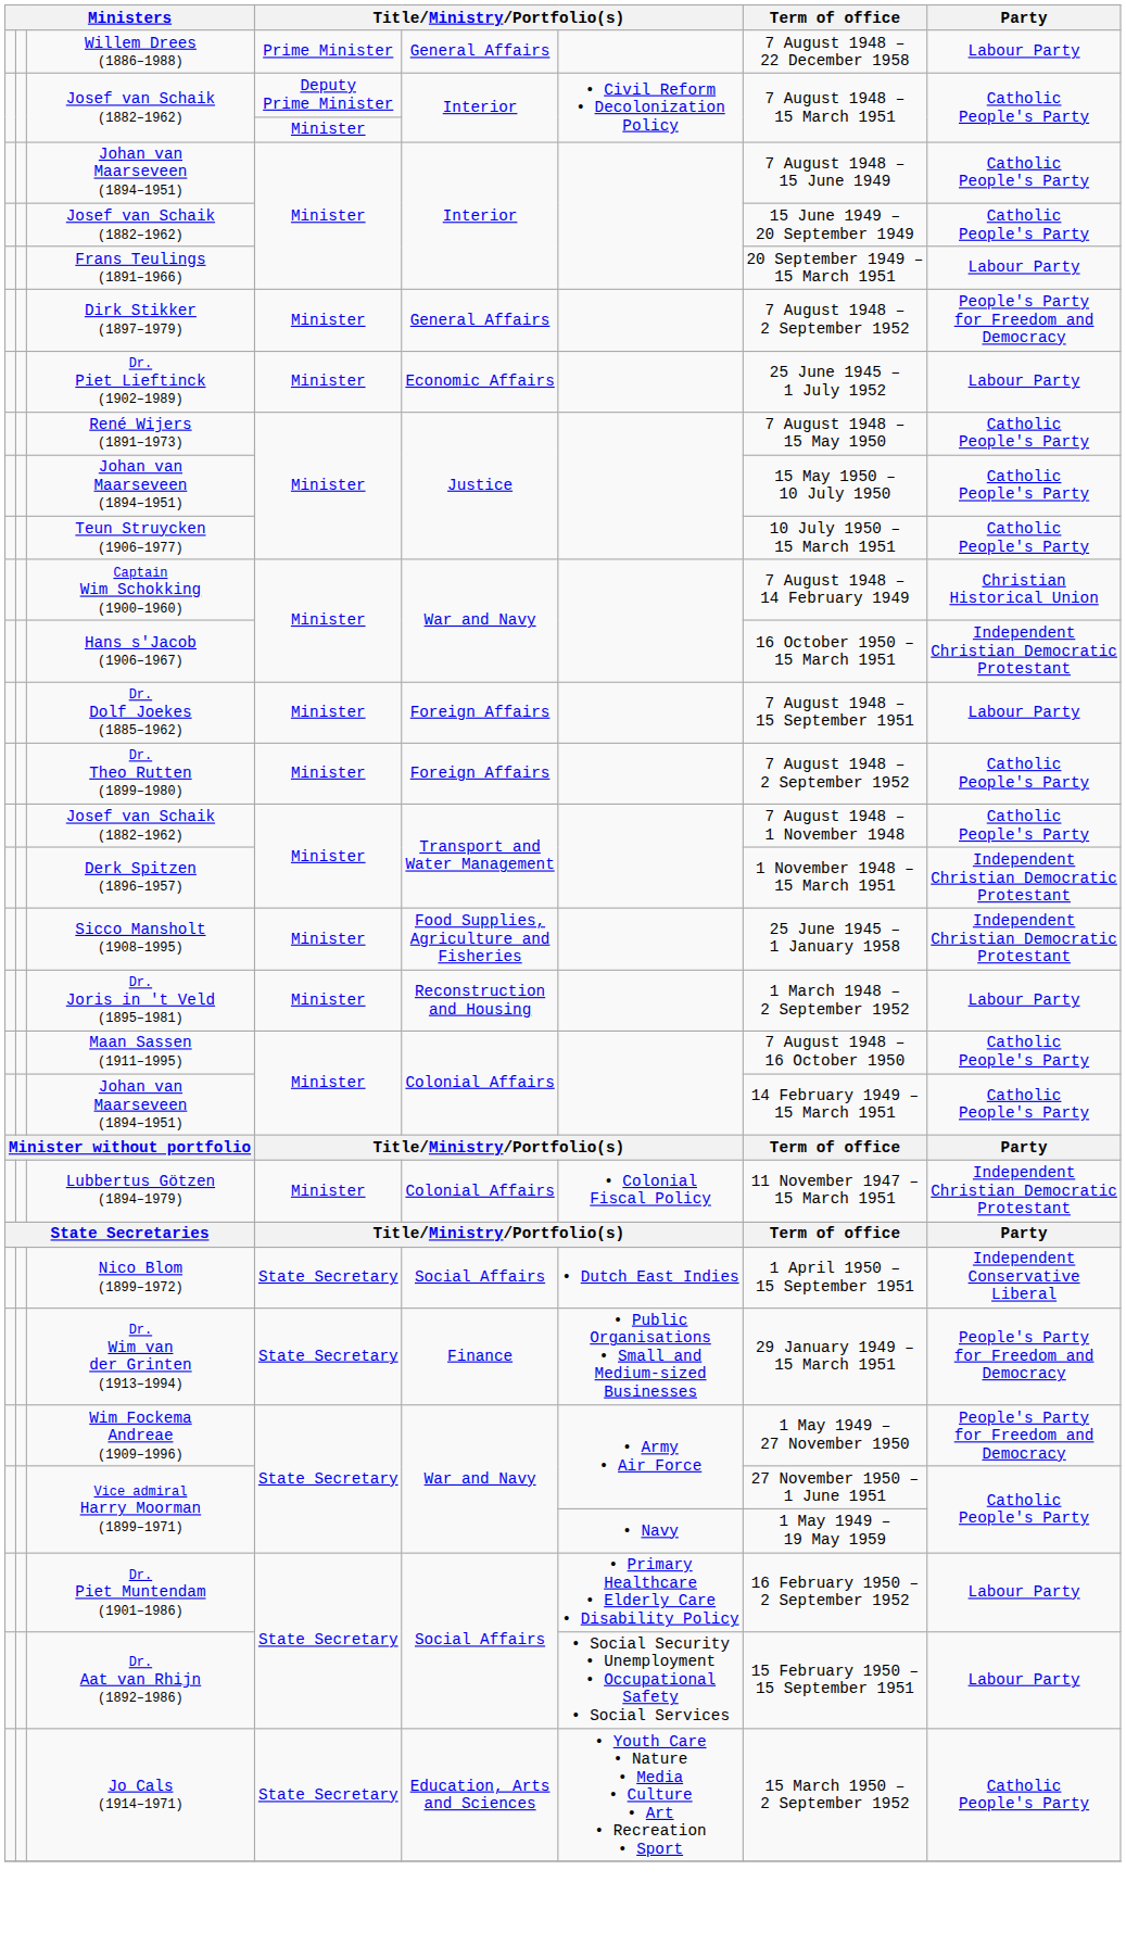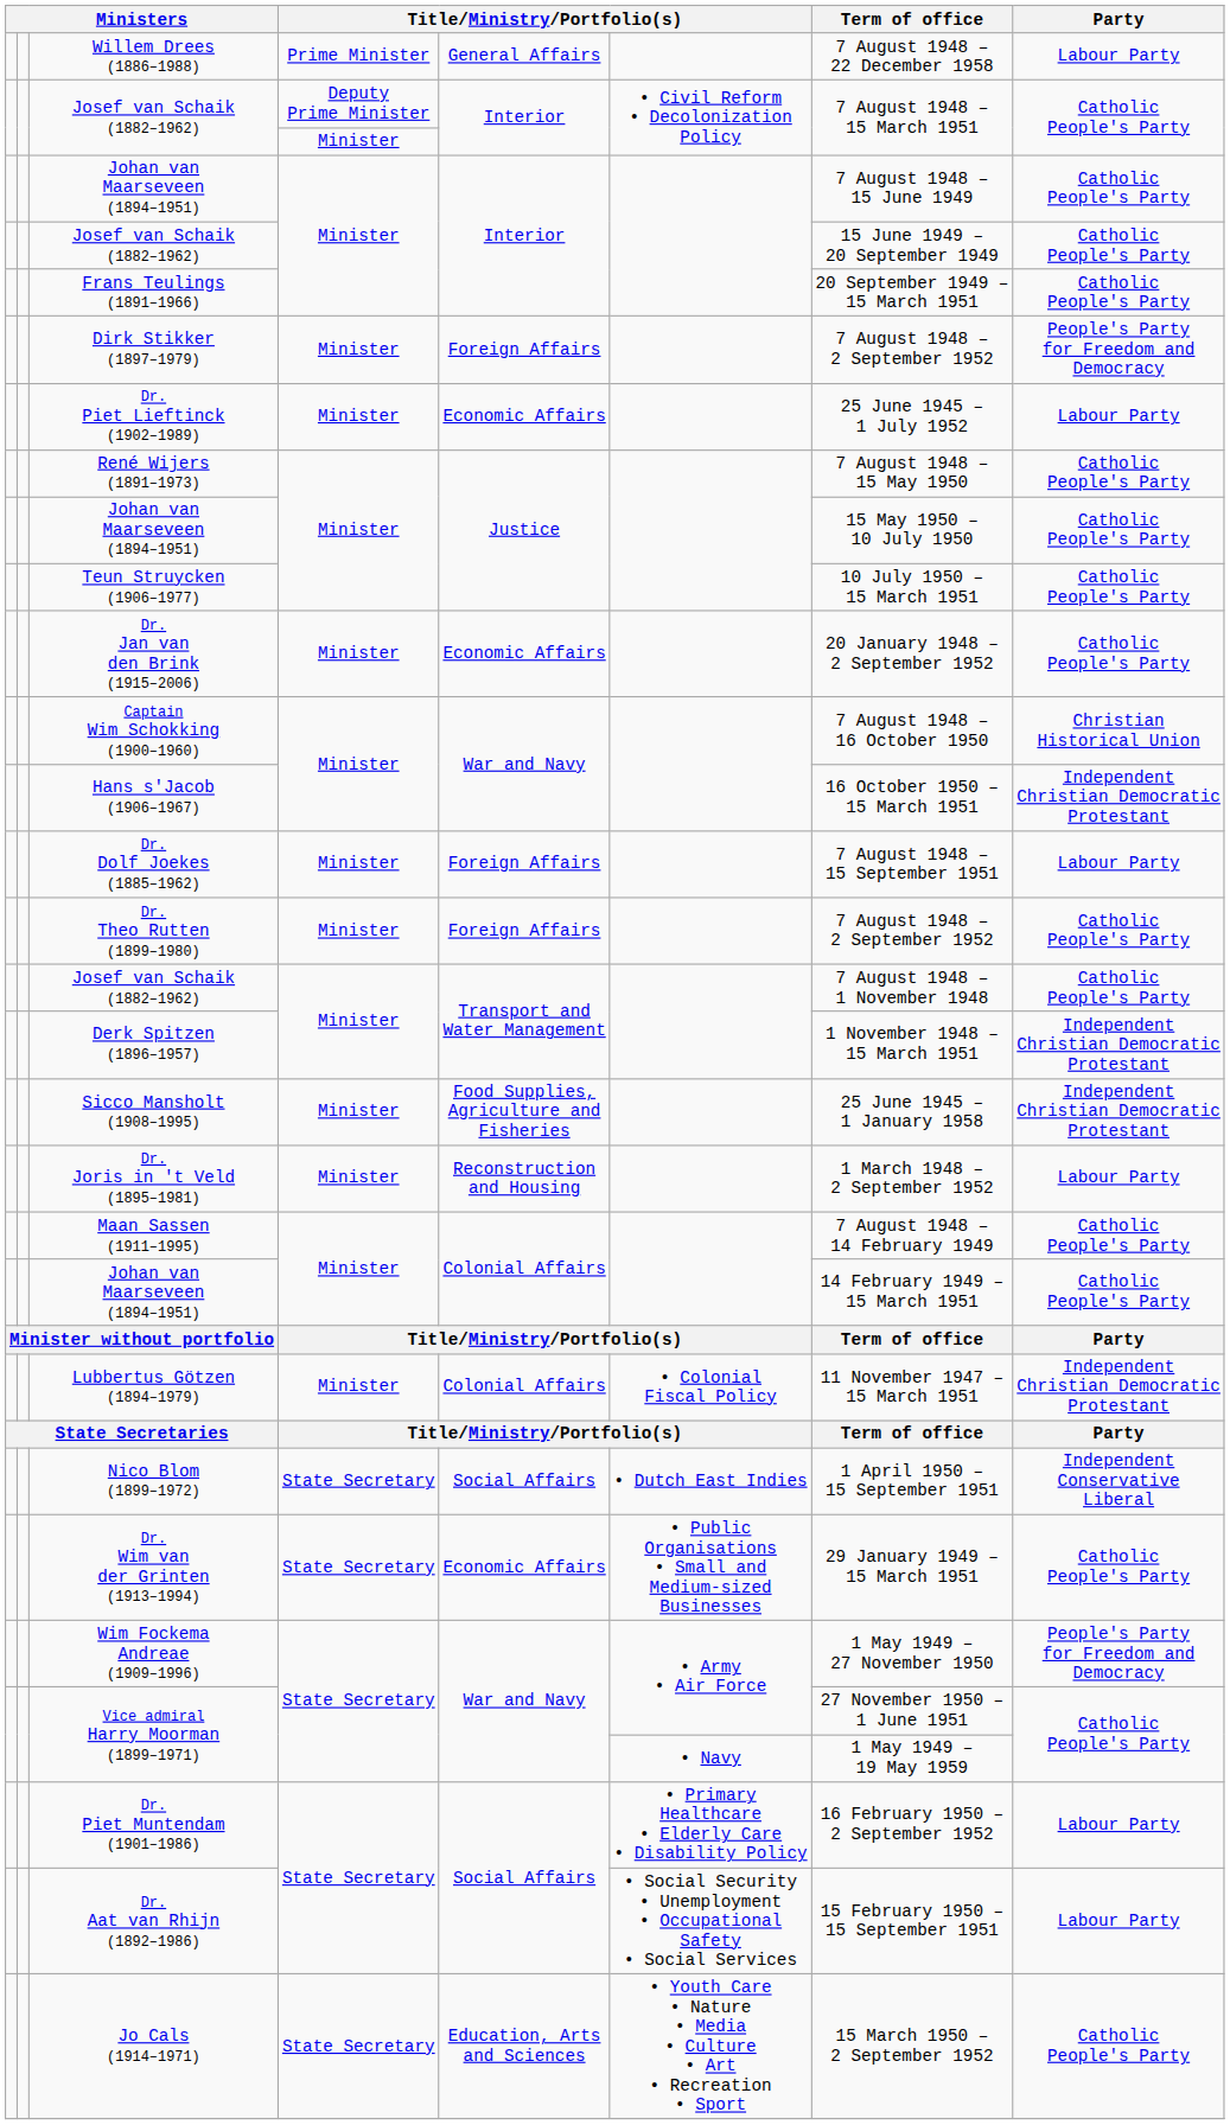 <table class="wikitable" style="text-align:center">
 <tr>
 <th colspan=3><a href='#'>Ministers</a></th>
 <th colspan=3>Title/<a href='#'>Ministry</a>/Portfolio(s)</th>
 <th>Term of office</th>
 <th>Party</th>
 </tr>
 <tr>
 <td style="background:"></td>
 <td></td>
 <td><a href='#'>Willem Drees</a> <br> <small>(1886–1988)</small></td>
 <td><a href='#'>Prime Minister</a></td>
 <td><a href='#'>General Affairs</a></td>
 <td></td>
 <td>7 August 1948 – <br> 22 December 1958 <br> </td>
 <td><a href='#'>Labour Party</a></td>
 </tr>
 <tr>
 <td rowspan=2 style="background:"></td>
 <td rowspan=2></td>
 <td rowspan=2><a href='#'>Josef van Schaik</a> <br> <small>(1882–1962)</small></td>
 <td><a href='#'>Deputy <br> Prime Minister</a></td>
 <td rowspan=2><a href='#'>Interior</a></td>
 <td rowspan=2>• <a href='#'>Civil Reform</a> <br> • <a href='#'>Decolonization <br> Policy</a></td>
 <td rowspan=2>7 August 1948 – <br> 15 March 1951</td>
 <td rowspan=2><a href='#'>Catholic <br> People's Party</a></td>
 </tr>
 <tr>
 <td><a href='#'>Minister</a></td>
 </tr>
 <tr>
 <td style="background:"></td>
 <td></td>
 <td><a href='#'>Johan van <br> Maarseveen</a> <br> <small>(1894–1951)</small></td>
 <td rowspan=3><a href='#'>Minister</a></td>
 <td rowspan=3><a href='#'>Interior</a></td>
 <td rowspan=3></td>
 <td>7 August 1948 – <br> 15 June 1949 <br> </td>
 <td><a href='#'>Catholic <br> People's Party</a></td>
 </tr>
 <tr>
 <td style="background:"></td>
 <td></td>
 <td><a href='#'>Josef van Schaik</a> <br> <small>(1882–1962)</small></td>
 <td>15 June 1949 – <br> 20 September 1949 <br> </td>
 <td><a href='#'>Catholic <br> People's Party</a></td>
 </tr>
 <tr>
 <td style="background:"></td>
 <td></td>
 <td><a href='#'>Frans Teulings</a> <br> <small>(1891–1966)</small></td>
 <td>20 September 1949 – <br> 15 March 1951</td>
-<td><a href='#'>Labour Party</a></td>
+<td><a href='#'>Catholic <br> People's Party</a></td>
 </tr>
 <tr>
 <td style="background:"></td>
 <td></td>
 <td><a href='#'>Dirk Stikker</a> <br> <small>(1897–1979)</small></td>
 <td><a href='#'>Minister</a></td>
-<td><a href='#'>General Affairs</a></td>
+<td><a href='#'>Foreign Affairs</a></td>
 <td></td>
 <td>7 August 1948 – <br> 2 September 1952 <br> </td>
 <td><a href='#'>People's Party <br> for Freedom and <br> Democracy</a></td>
 </tr>
 <tr>
 <td style="background:"></td>
 <td></td>
 <td><small><a href='#'>Dr.</a></small> <br> <a href='#'>Piet Lieftinck</a> <br> <small>(1902–1989)</small></td>
 <td><a href='#'>Minister</a></td>
 <td><a href='#'>Economic Affairs</a></td>
 <td></td>
 <td>25 June 1945 – <br> 1 July 1952 <br>  </td>
 <td><a href='#'>Labour Party</a></td>
 </tr>
 <tr>
 <td style="background:"></td>
 <td></td>
 <td><a href='#'>René Wijers</a> <br> <small>(1891–1973)</small></td>
 <td rowspan=3><a href='#'>Minister</a></td>
 <td rowspan=3><a href='#'>Justice</a></td>
 <td rowspan=3></td>
 <td>7 August 1948 – <br> 15 May 1950 <br> </td>
 <td><a href='#'>Catholic <br> People's Party</a></td>
 </tr>
 <tr>
 <td style="background:"></td>
 <td></td>
 <td><a href='#'>Johan van <br> Maarseveen</a> <br> <small>(1894–1951)</small></td>
 <td>15 May 1950 – <br> 10 July 1950 <br> </td>
 <td><a href='#'>Catholic <br> People's Party</a></td>
 </tr>
 <tr>
 <td style="background:"></td>
 <td></td>
 <td><a href='#'>Teun Struycken</a> <br> <small>(1906–1977)</small></td>
 <td>10 July 1950 – <br> 15 March 1951</td>
 <td><a href='#'>Catholic <br> People's Party</a></td>
 </tr>
 <tr>
 <td style="background:"></td>
 <td></td>
+<td><small><a href='#'>Dr.</a></small> <br> <a href='#'>Jan van <br> den Brink</a> <br> <small>(1915–2006)</small></td>
+<td><a href='#'>Minister</a></td>
+<td><a href='#'>Economic Affairs</a></td>
+<td></td>
+<td>20 January 1948 – <br> 2 September 1952 <br>  </td>
+<td><a href='#'>Catholic <br> People's Party</a></td>
+</tr>
+<tr>
+<td style="background:"></td>
+<td></td>
 <td><small><a href='#'>Captain</a></small> <br> <a href='#'>Wim Schokking</a> <br> <small>(1900–1960)</small></td>
 <td rowspan=2><a href='#'>Minister</a></td>
 <td rowspan=2><a href='#'>War and Navy</a></td>
 <td rowspan=2></td>
-<td>7 August 1948 – <br> 14 February 1949 <br> </td>
+<td>7 August 1948 – <br> 16 October 1950 <br> </td>
 <td><a href='#'>Christian <br> Historical Union</a></td>
 </tr>
 <tr>
 <td style="background:"></td>
 <td></td>
 <td><a href='#'>Hans s'Jacob</a> <br> <small>(1906–1967)</small></td>
 <td>16 October 1950 – <br> 15 March 1951</td>
 <td><a href='#'>Independent</a> <br> <a href='#'>Christian Democratic <br> Protestant</a></td>
 </tr>
 <tr>
 <td style="background:"></td>
 <td></td>
 <td><small><a href='#'>Dr.</a></small> <br> <a href='#'>Dolf Joekes</a> <br> <small>(1885–1962)</small></td>
 <td><a href='#'>Minister</a></td>
 <td><a href='#'>Foreign Affairs</a></td>
 <td></td>
 <td>7 August 1948 – <br> 15 September 1951 <br> </td>
 <td><a href='#'>Labour Party</a></td>
 </tr>
 <tr>
 <td style="background:"></td>
 <td></td>
 <td><small><a href='#'>Dr.</a></small> <br> <a href='#'>Theo Rutten</a> <br> <small>(1899–1980)</small></td>
 <td><a href='#'>Minister</a></td>
 <td><a href='#'>Foreign Affairs</a></td>
 <td></td>
 <td>7 August 1948 – <br> 2 September 1952 <br> </td>
 <td><a href='#'>Catholic <br> People's Party</a></td>
 </tr>
 <tr>
 <td style="background:"></td>
 <td></td>
 <td><a href='#'>Josef van Schaik</a> <br> <small>(1882–1962)</small></td>
 <td rowspan=2><a href='#'>Minister</a></td>
 <td rowspan=2><a href='#'>Transport and <br> Water Management</a></td>
 <td rowspan=2></td>
 <td>7 August 1948 – <br> 1 November 1948 <br> </td>
 <td><a href='#'>Catholic <br> People's Party</a></td>
 </tr>
 <tr>
 <td style="background:"></td>
 <td></td>
 <td><a href='#'>Derk Spitzen</a> <br> <small>(1896–1957)</small></td>
 <td>1 November 1948 – <br> 15 March 1951</td>
 <td><a href='#'>Independent</a> <br> <a href='#'>Christian Democratic <br> Protestant</a></td>
 </tr>
 <tr>
 <td style="background:"></td>
 <td></td>
 <td><a href='#'>Sicco Mansholt</a> <br> <small>(1908–1995)</small></td>
 <td><a href='#'>Minister</a></td>
 <td><a href='#'>Food Supplies, <br> Agriculture and <br> Fisheries</a></td>
 <td></td>
 <td>25 June 1945 – <br> 1 January 1958 <br>  </td>
 <td><a href='#'>Independent</a> <br> <a href='#'>Christian Democratic <br> Protestant</a></td>
 </tr>
 <tr>
 <td style="background:"></td>
 <td></td>
 <td><small><a href='#'>Dr.</a></small> <br> <a href='#'>Joris in 't Veld</a> <br> <small>(1895–1981)</small></td>
 <td><a href='#'>Minister</a></td>
 <td><a href='#'>Reconstruction <br> and Housing</a></td>
 <td></td>
 <td>1 March 1948 – <br> 2 September 1952 <br>  </td>
 <td><a href='#'>Labour Party</a></td>
 </tr>
 <tr>
 <td style="background:"></td>
 <td></td>
 <td><a href='#'>Maan Sassen</a> <br> <small>(1911–1995)</small></td>
 <td rowspan=2><a href='#'>Minister</a></td>
 <td rowspan=2><a href='#'>Colonial Affairs</a></td>
 <td rowspan=2></td>
-<td>7 August 1948 – <br> 16 October 1950 <br> </td>
+<td>7 August 1948 – <br> 14 February 1949 <br> </td>
 <td><a href='#'>Catholic <br> People's Party</a></td>
 </tr>
 <tr>
 <td style="background:"></td>
 <td></td>
 <td><a href='#'>Johan van <br> Maarseveen</a> <br> <small>(1894–1951)</small></td>
 <td>14 February 1949 – <br> 15 March 1951</td>
 <td><a href='#'>Catholic <br> People's Party</a></td>
 </tr>
 <tr>
 <th colspan=3><a href='#'>Minister without portfolio</a></th>
 <th colspan=3>Title/<a href='#'>Ministry</a>/Portfolio(s)</th>
 <th>Term of office</th>
 <th>Party</th>
 </tr>
 <tr>
 <td style="background:"></td>
 <td></td>
 <td><a href='#'>Lubbertus Götzen</a> <br> <small>(1894–1979)</small></td>
 <td><a href='#'>Minister</a></td>
 <td><a href='#'>Colonial Affairs</a></td>
 <td>• <a href='#'>Colonial <br> Fiscal Policy</a></td>
 <td>11 November 1947 – <br> 15 March 1951 <br> </td>
 <td><a href='#'>Independent</a> <br> <a href='#'>Christian Democratic <br> Protestant</a></td>
 </tr>
 <tr>
 <th colspan=3><a href='#'>State Secretaries</a></th>
 <th colspan=3>Title/<a href='#'>Ministry</a>/Portfolio(s)</th>
 <th>Term of office</th>
 <th>Party</th>
 </tr>
 <tr>
 <td style="background:"></td>
 <td></td>
 <td><a href='#'>Nico Blom</a> <br> <small>(1899–1972)</small></td>
 <td><a href='#'>State Secretary</a></td>
 <td><a href='#'>Social Affairs</a></td>
 <td>• <a href='#'>Dutch East Indies</a></td>
 <td>1 April 1950 – <br> 15 September 1951 <br> </td>
 <td><a href='#'>Independent</a> <br> <a href='#'>Conservative <br> Liberal</a></td>
 </tr>
 <tr>
 <td style="background:"></td>
 <td></td>
 <td><small><a href='#'>Dr.</a></small> <br> <a href='#'>Wim van <br> der Grinten</a> <br> <small>(1913–1994)</small></td>
 <td><a href='#'>State Secretary</a></td>
-<td><a href='#'>Finance</a></td>
+<td><a href='#'>Economic Affairs</a></td>
 <td>• <a href='#'>Public <br> Organisations</a> <br> • <a href='#'>Small and <br> Medium-sized <br> Businesses</a></td>
 <td>29 January 1949 – <br> 15 March 1951</td>
-<td><a href='#'>People's Party <br> for Freedom and <br> Democracy</a></td>
+<td><a href='#'>Catholic <br> People's Party</a></td>
 </tr>
 <tr>
 <td style="background:"></td>
 <td></td>
 <td><a href='#'>Wim Fockema <br> Andreae</a> <br> <small>(1909–1996)</small></td>
 <td rowspan=3><a href='#'>State Secretary</a></td>
 <td rowspan=3><a href='#'>War and Navy</a></td>
 <td rowspan=2>• <a href='#'>Army</a> <br> • <a href='#'>Air Force</a></td>
 <td>1 May 1949 – <br> 27 November 1950 <br> </td>
 <td><a href='#'>People's Party <br> for Freedom and <br> Democracy</a></td>
 </tr>
 <tr>
 <td rowspan=2 style="background:"></td>
 <td rowspan=2></td>
 <td rowspan=2><small><a href='#'>Vice admiral</a></small> <br> <a href='#'>Harry Moorman</a> <br> <small>(1899–1971)</small></td>
 <td>27 November 1950 – <br> 1 June 1951 <br> </td>
 <td rowspan=2><a href='#'>Catholic <br> People's Party</a></td>
 </tr>
 <tr>
 <td>• <a href='#'>Navy</a></td>
 <td>1 May 1949 – <br> 19 May 1959 <br> </td>
 </tr>
 <tr>
 <td style="background:"></td>
 <td></td>
 <td><small><a href='#'>Dr.</a></small> <br> <a href='#'>Piet Muntendam</a> <br> <small>(1901–1986)</small></td>
 <td rowspan=2><a href='#'>State Secretary</a></td>
 <td rowspan=2><a href='#'>Social Affairs</a></td>
 <td>• <a href='#'>Primary <br> Healthcare</a> <br> • <a href='#'>Elderly Care</a> <br> • <a href='#'>Disability Policy</a></td>
 <td>16 February 1950 – <br> 2 September 1952 <br> </td>
 <td><a href='#'>Labour Party</a></td>
 </tr>
 <tr>
 <td style="background:"></td>
 <td></td>
 <td><small><a href='#'>Dr.</a></small> <br> <a href='#'>Aat van Rhijn</a> <br> <small>(1892–1986)</small></td>
 <td>• Social Security <br> • Unemployment <br> • <a href='#'>Occupational <br> Safety</a> <br> • Social Services</td>
 <td>15 February 1950 – <br> 15 September 1951 <br> </td>
 <td><a href='#'>Labour Party</a></td>
 </tr>
 <tr>
 <td style="background:"></td>
 <td></td>
 <td><a href='#'>Jo Cals</a> <br> <small>(1914–1971)</small></td>
 <td><a href='#'>State Secretary</a></td>
 <td><a href='#'>Education, Arts <br> and Sciences</a></td>
 <td>• <a href='#'>Youth Care</a> <br> • Nature <br> • <a href='#'>Media</a> <br> • <a href='#'>Culture</a> <br> • <a href='#'>Art</a> <br> • Recreation <br> • <a href='#'>Sport</a></td>
 <td>15 March 1950 – <br> 2 September 1952 <br> </td>
 <td><a href='#'>Catholic <br> People's Party</a></td>
 </tr>
 <tr>
 </tr>
 </table>
